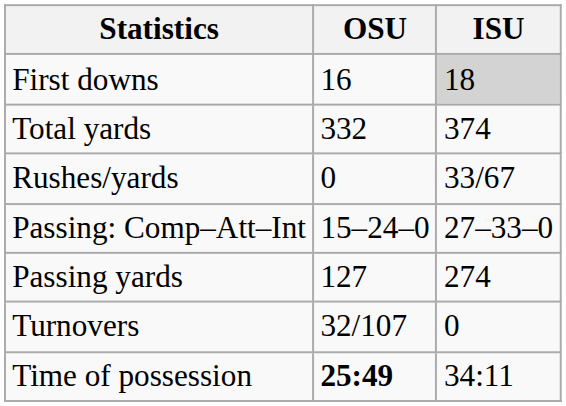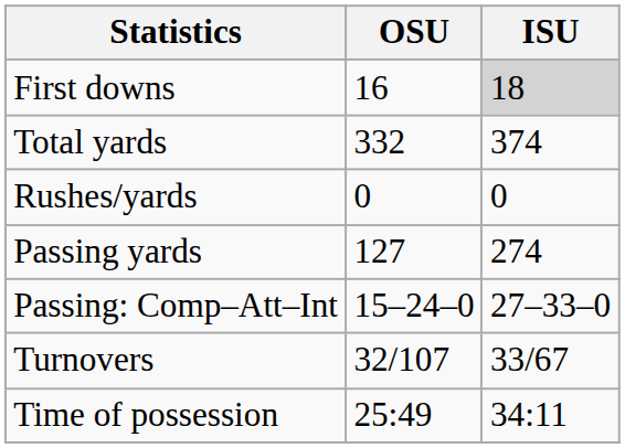 <table class="wikitable" style="float: left;">
 <tr>
 <th>Statistics</th>
 <th>OSU</th>
 <th>ISU</th>
 </tr>
 <tr>
 <td>First downs</td>
 <td>16</td>
 <td style="background: lightgrey;">18</td>
 </tr>
 <tr>
 <td>Total yards</td>
 <td>332</td>
 <td>374</td>
 </tr>
 <tr>
 <td>Rushes/yards</td>
 <td>0</td>
-<td>33/67</td>
+<td>0</td>
+</tr>
+<tr>
+<td>Passing yards</td>
+<td>127</td>
+<td>274</td>
 </tr>
 <tr>
 <td>Passing: Comp–Att–Int</td>
 <td>15–24–0</td>
 <td>27–33–0</td>
 </tr>
 <tr>
-<td>Passing yards</td>
-<td>127</td>
-<td>274</td>
-</tr>
-<tr>
 <td>Turnovers</td>
 <td>32/107</td>
-<td>0</td>
+<td>33/67</td>
 </tr>
 <tr>
 <td>Time of possession</td>
-<td><strong>25:49</strong></td>
+<td>25:49</td>
 <td>34:11</td>
 </tr>
 <tr>
 </tr>
 </table>
